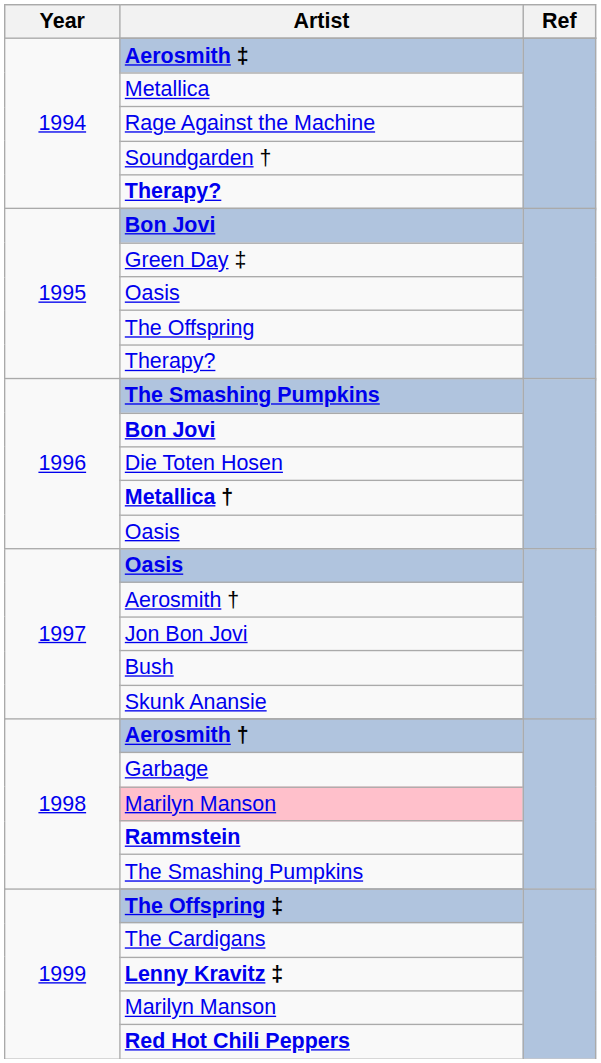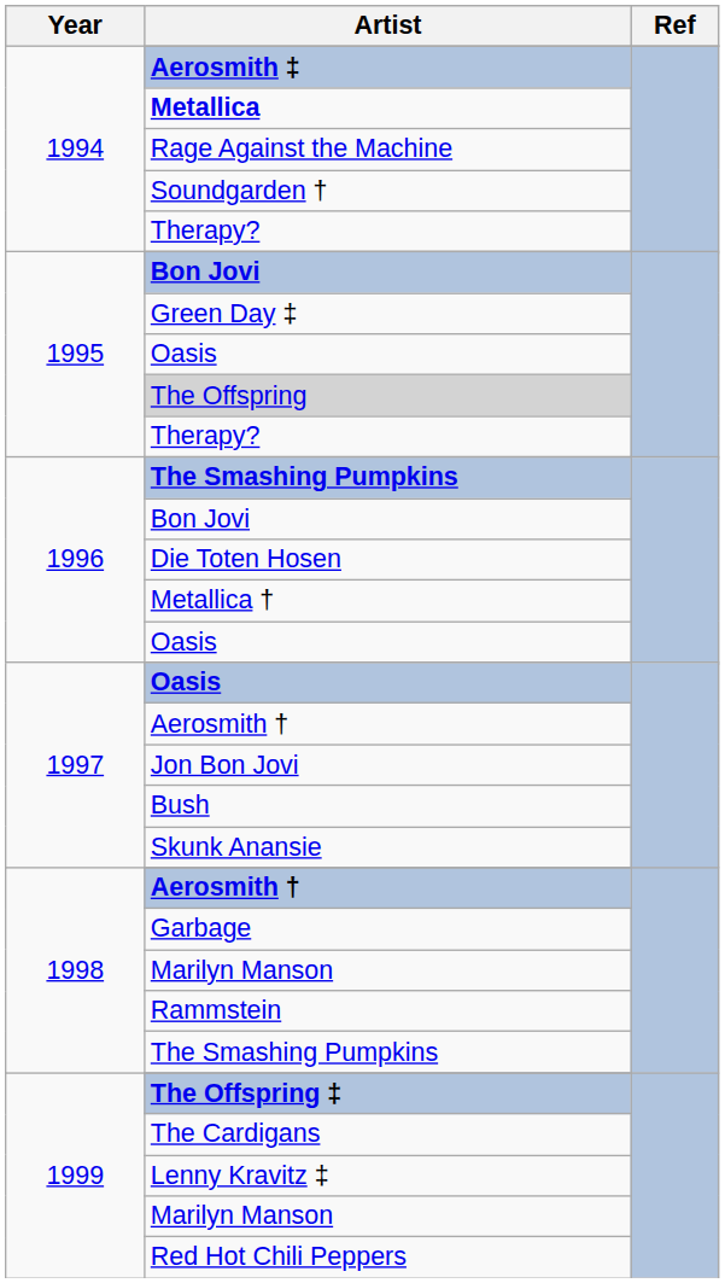 <table class="wikitable" style="width:50%">
 <tr style="background:#bebebe;">
 <th style="width:10%;">Year</th>
 <th style="width:35%;">Artist</th>
 <th style="width:5%;">Ref</th>
 </tr>
 <tr>
 <td rowspan="6" align="center"><a href='#'>1994</a></td>
 </tr>
 <tr style="background:#B0C4DE">
 <td><strong><a href='#'>Aerosmith</a> ‡</strong></td>
 <td rowspan="6" align="center"></td>
 </tr>
 <tr>
-<td><a href='#'>Metallica</a></td>
+<td><strong><a href='#'>Metallica</a></strong></td>
 </tr>
 <tr>
 <td><a href='#'>Rage Against the Machine</a></td>
 </tr>
 <tr>
 <td><a href='#'>Soundgarden</a> †</td>
 </tr>
 <tr>
-<td><strong><a href='#'>Therapy?</a></strong></td>
+<td><a href='#'>Therapy?</a></td>
 </tr>
 <tr>
 <td rowspan="6" align="center"><a href='#'>1995</a></td>
 </tr>
 <tr style="background:#B0C4DE">
 <td><strong><a href='#'>Bon Jovi</a></strong></td>
 <td rowspan="6" align="center"></td>
 </tr>
 <tr>
 <td><a href='#'>Green Day</a> ‡</td>
 </tr>
 <tr>
 <td><a href='#'>Oasis</a></td>
 </tr>
 <tr>
-<td><a href='#'>The Offspring</a></td>
+<td style="background: lightgrey;"><a href='#'>The Offspring</a></td>
 </tr>
 <tr>
 <td><a href='#'>Therapy?</a></td>
 </tr>
 <tr>
 <td rowspan="6" align="center"><a href='#'>1996</a></td>
 </tr>
 <tr style="background:#B0C4DE">
 <td><strong><a href='#'>The Smashing Pumpkins</a></strong></td>
 <td rowspan="6" align="center"></td>
 </tr>
 <tr>
-<td><strong><a href='#'>Bon Jovi</a></strong></td>
+<td><a href='#'>Bon Jovi</a></td>
 </tr>
 <tr>
 <td><a href='#'>Die Toten Hosen</a></td>
 </tr>
 <tr>
-<td><strong><a href='#'>Metallica</a> †</strong></td>
+<td><a href='#'>Metallica</a> †</td>
 </tr>
 <tr>
 <td><a href='#'>Oasis</a></td>
 </tr>
 <tr>
 <td rowspan="6" align="center"><a href='#'>1997</a></td>
 </tr>
 <tr style="background:#B0C4DE">
 <td><strong><a href='#'>Oasis</a></strong></td>
 <td rowspan="6" align="center"></td>
 </tr>
 <tr>
 <td><a href='#'>Aerosmith</a> †</td>
 </tr>
 <tr>
 <td><a href='#'>Jon Bon Jovi</a></td>
 </tr>
 <tr>
 <td><a href='#'>Bush</a></td>
 </tr>
 <tr>
 <td><a href='#'>Skunk Anansie</a></td>
 </tr>
 <tr>
 <td rowspan="6" align="center"><a href='#'>1998</a></td>
 </tr>
 <tr style="background:#B0C4DE">
 <td><strong><a href='#'>Aerosmith</a> †</strong></td>
 <td rowspan="6" align="center"></td>
 </tr>
 <tr>
 <td><a href='#'>Garbage</a></td>
 </tr>
 <tr>
-<td style="background: pink;"><a href='#'>Marilyn Manson</a></td>
+<td><a href='#'>Marilyn Manson</a></td>
 </tr>
 <tr>
-<td><strong><a href='#'>Rammstein</a></strong></td>
+<td><a href='#'>Rammstein</a></td>
 </tr>
 <tr>
 <td><a href='#'>The Smashing Pumpkins</a></td>
 </tr>
 <tr>
 <td rowspan="6" align="center"><a href='#'>1999</a></td>
 </tr>
 <tr style="background:#B0C4DE">
 <td><strong><a href='#'>The Offspring</a> ‡</strong></td>
 <td rowspan="6" align="center"></td>
 </tr>
 <tr>
 <td><a href='#'>The Cardigans</a></td>
 </tr>
 <tr>
-<td><strong><a href='#'>Lenny Kravitz</a> ‡</strong></td>
+<td><a href='#'>Lenny Kravitz</a> ‡</td>
 </tr>
 <tr>
 <td><a href='#'>Marilyn Manson</a></td>
 </tr>
 <tr>
-<td><strong><a href='#'>Red Hot Chili Peppers</a></strong></td>
+<td><a href='#'>Red Hot Chili Peppers</a></td>
 </tr>
 </table>
